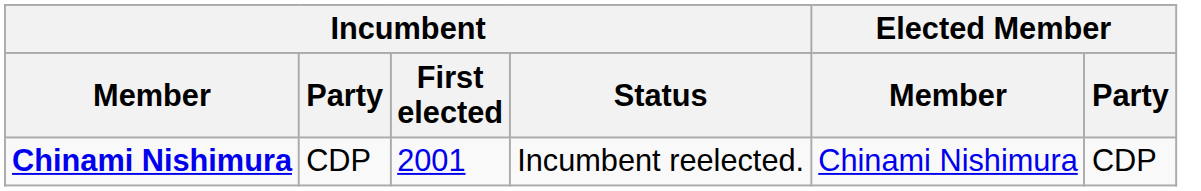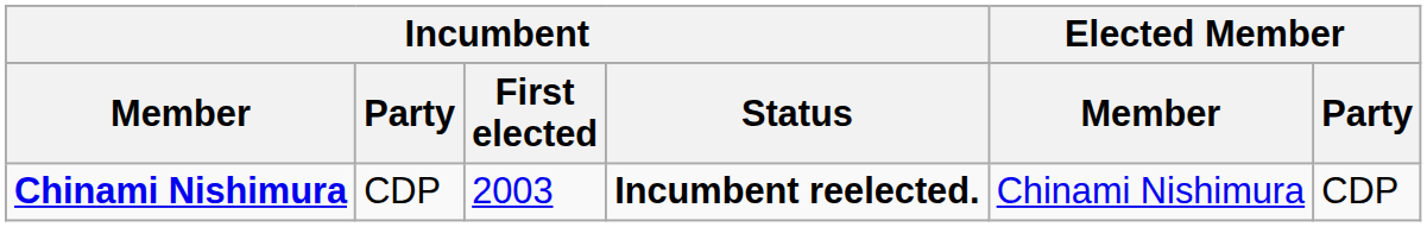 <table class="wikitable sortable">
 <tr>
 <th colspan=4>Incumbent</th>
 <th colspan=2>Elected Member</th>
 </tr>
 <tr>
 <th>Member</th>
 <th>Party</th>
 <th>First<br>elected</th>
 <th>Status</th>
 <th>Member</th>
 <th>Party</th>
 </tr>
 <tr>
 <td><strong><a href='#'>Chinami Nishimura</a></strong></td>
 <td>CDP</td>
-<td><a href='#'>2001</a></td>
-<td>Incumbent reelected.</td>
+<td><a href='#'>2003</a></td>
+<td><strong>Incumbent reelected.</strong></td>
 <td><a href='#'>Chinami Nishimura</a></td>
 <td>CDP</td>
 </tr>
 </table>
